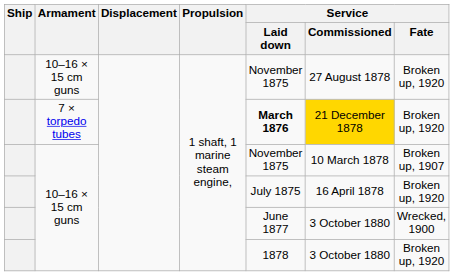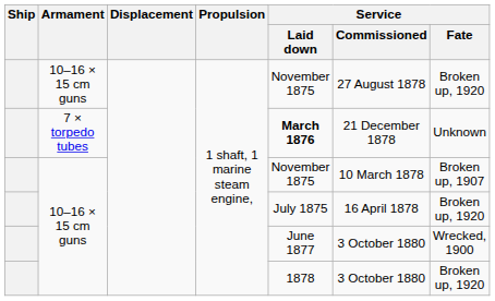 <table class="wikitable plainrowheaders" style="text-align: center;">
 <tr valign="top">
 <th scope="col" rowspan="2">Ship</th>
 <th scope="col" rowspan="2">Armament</th>
 <th scope="col" rowspan="2">Displacement</th>
 <th scope="col" rowspan="2">Propulsion</th>
 <th scope="col" colspan="3">Service</th>
 </tr>
 <tr valign="top">
 <th scope="col">Laid down</th>
 <th scope="col">Commissioned</th>
 <th scope="col">Fate</th>
 </tr>
 <tr valign="center">
 <th scope="row"></th>
 <td>10–16 × 15 cm guns</td>
 <td rowspan="6"></td>
 <td rowspan="6">1 shaft, 1 marine steam engine, </td>
 <td>November 1875</td>
 <td>27 August 1878</td>
 <td>Broken up, 1920</td>
 </tr>
 <tr valign="center">
 <th scope="row"></th>
 <td>7 ×  <a href='#'>torpedo tubes</a></td>
 <td><strong>March 1876</strong></td>
-<td style="background: gold;">21 December 1878</td>
-<td>Broken up, 1920</td>
+<td>21 December 1878</td>
+<td>Unknown</td>
 </tr>
 <tr valign="center">
 <th scope="row"></th>
 <td rowspan="4">10–16 × 15 cm guns</td>
 <td>November 1875</td>
 <td>10 March 1878</td>
 <td>Broken up, 1907</td>
 </tr>
 <tr valign="center">
 <th scope="row"></th>
 <td>July 1875</td>
 <td>16 April 1878</td>
 <td>Broken up, 1920</td>
 </tr>
 <tr valign="center">
 <th scope="row"></th>
 <td>June 1877</td>
 <td>3 October 1880</td>
 <td>Wrecked, 1900</td>
 </tr>
 <tr valign="center">
 <th scope="row"></th>
 <td>1878</td>
 <td>3 October 1880</td>
 <td>Broken up, 1920</td>
 </tr>
 </table>
